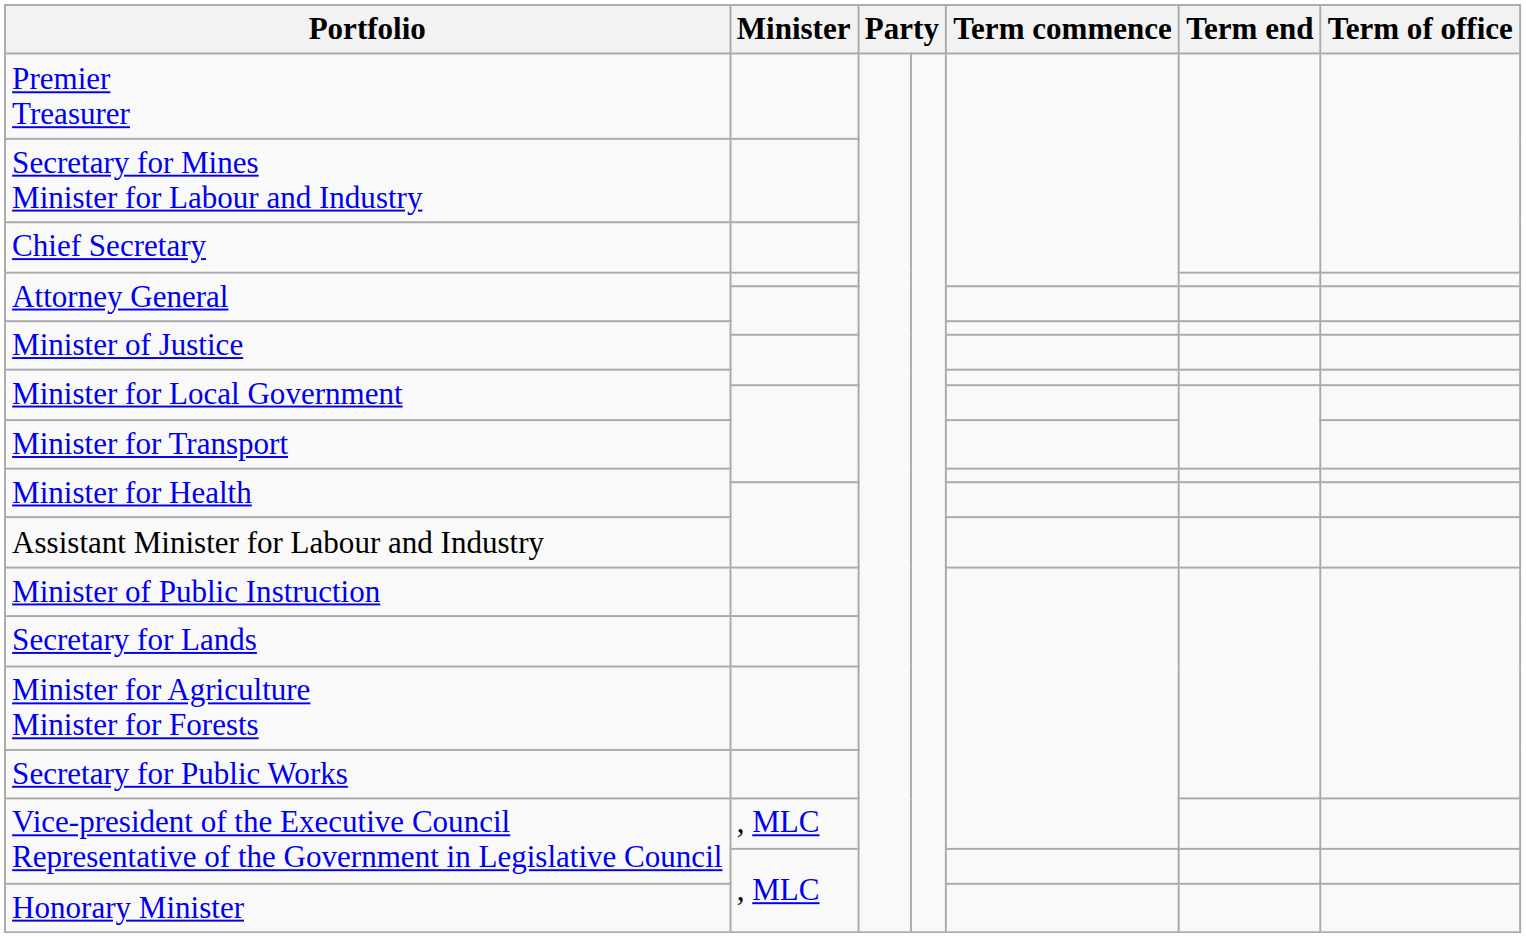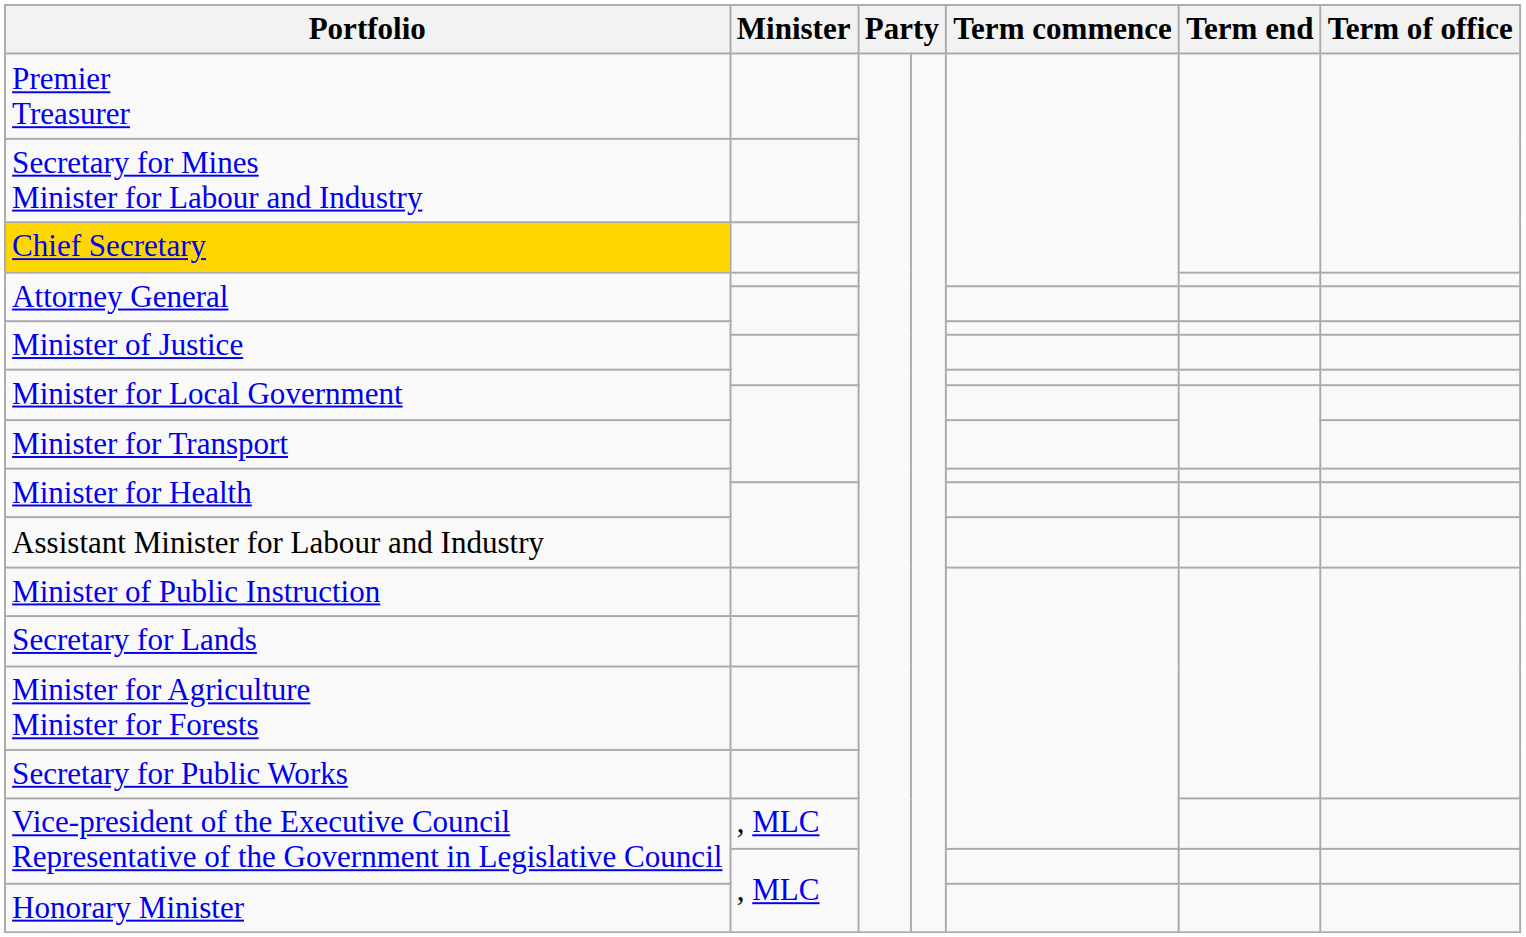 <table class="wikitable sortable">
 <tr>
 <th>Portfolio</th>
 <th>Minister</th>
 <th colspan="2">Party</th>
 <th>Term commence</th>
 <th>Term end</th>
 <th>Term of office</th>
 </tr>
 <tr>
 <td><a href='#'>Premier</a><br><a href='#'>Treasurer</a></td>
 <td></td>
 <td rowspan=20 > </td>
 <td rowspan=20></td>
 <td rowspan=4 align="center"></td>
 <td rowspan=3 align="center"></td>
 <td rowspan=3 align="center"></td>
 </tr>
 <tr>
 <td><a href='#'>Secretary for Mines</a><br><a href='#'>Minister for Labour and Industry</a></td>
 <td></td>
 </tr>
 <tr>
-<td><a href='#'>Chief Secretary</a></td>
+<td style="background: gold;"><a href='#'>Chief Secretary</a></td>
 <td></td>
 </tr>
 <tr>
 <td rowspan=2><a href='#'>Attorney General</a></td>
 <td></td>
 <td align="center"></td>
 <td align="right"></td>
 </tr>
 <tr>
 <td rowspan=2></td>
 <td align="center"></td>
 <td align="center"></td>
 <td align="right"></td>
 </tr>
 <tr>
 <td rowspan=2><a href='#'>Minister of Justice</a></td>
 <td align="center"></td>
 <td align="center"></td>
 <td align="right"></td>
 </tr>
 <tr>
 <td rowspan=2></td>
 <td align="center"></td>
 <td align="center"></td>
 <td align="right"></td>
 </tr>
 <tr>
 <td rowspan=2><a href='#'>Minister for Local Government</a></td>
 <td align="center"></td>
 <td align="center"></td>
 <td align="right"></td>
 </tr>
 <tr>
 <td rowspan=3></td>
 <td align="center"></td>
 <td rowspan=2 align="center"></td>
 <td align="right"></td>
 </tr>
 <tr>
 <td><a href='#'>Minister for Transport</a></td>
 <td align="center"></td>
 <td align="right"></td>
 </tr>
 <tr>
 <td rowspan=2><a href='#'>Minister for Health</a></td>
 <td align="center"></td>
 <td align="center"></td>
 <td align="right"></td>
 </tr>
 <tr>
 <td rowspan=2></td>
 <td align="center"></td>
 <td align="center"></td>
 <td align="right"></td>
 </tr>
 <tr>
 <td>Assistant Minister for Labour and Industry</td>
 <td align="center"></td>
 <td align="center"></td>
 <td align="right"></td>
 </tr>
 <tr>
 <td><a href='#'>Minister of Public Instruction</a></td>
 <td></td>
 <td rowspan=5 align="center"></td>
 <td rowspan=4 align="center"></td>
 <td rowspan=4 align="right"></td>
 </tr>
 <tr>
 <td><a href='#'>Secretary for Lands</a></td>
 <td></td>
 </tr>
 <tr>
 <td><a href='#'>Minister for Agriculture</a><br><a href='#'>Minister for Forests</a></td>
 <td></td>
 </tr>
 <tr>
 <td><a href='#'>Secretary for Public Works</a></td>
 <td></td>
 </tr>
 <tr>
 <td rowspan=2><a href='#'>Vice-president of the Executive Council</a><br><a href='#'>Representative of the Government in Legislative Council</a></td>
 <td>, <a href='#'>MLC</a></td>
 <td align="center"></td>
 <td align="right"></td>
 </tr>
 <tr>
 <td rowspan=2>, <a href='#'>MLC</a></td>
 <td align="center"></td>
 <td align="center"></td>
 <td align="right"></td>
 </tr>
 <tr>
 <td><a href='#'>Honorary Minister</a></td>
 <td align="center"></td>
 <td align="center"></td>
 <td align="right"></td>
 </tr>
 </table>
